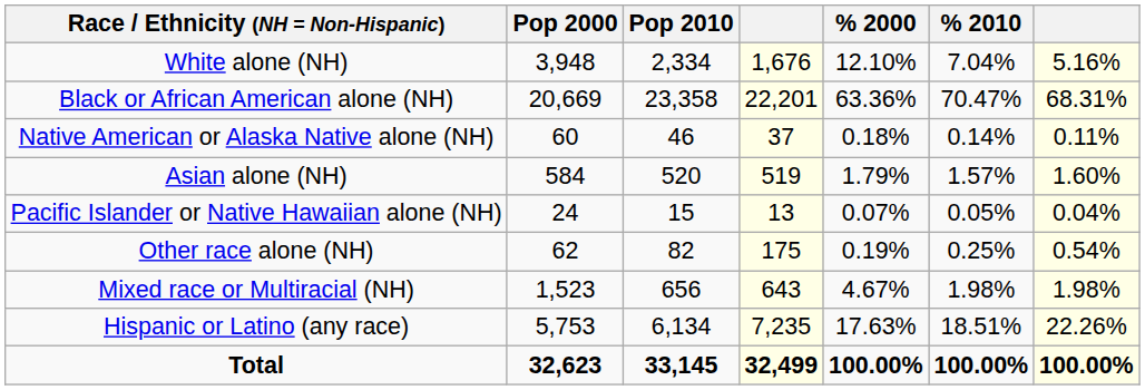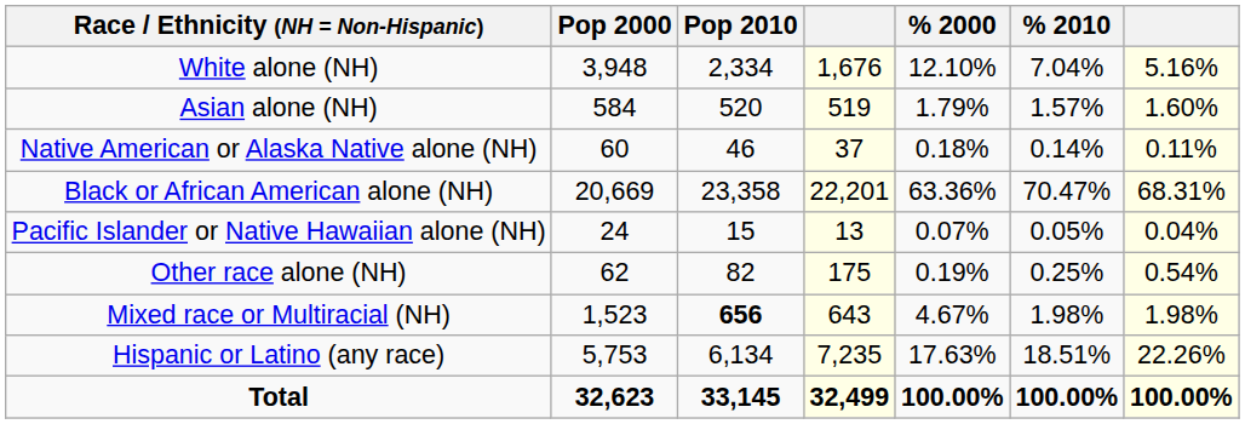 <table class="wikitable"  style="text-align:center;">
 <tr>
 <th>Race / Ethnicity <small>(<em>NH = Non-Hispanic</em>)</small></th>
 <th>Pop 2000</th>
 <th>Pop 2010</th>
 <th></th>
 <th>% 2000</th>
 <th>% 2010</th>
 <th></th>
 </tr>
 <tr>
 <td><a href='#'>White</a> alone (NH)</td>
 <td>3,948</td>
 <td>2,334</td>
 <td style='background: #ffffe6;'>1,676</td>
 <td>12.10%</td>
 <td>7.04%</td>
 <td style='background: #ffffe6;'>5.16%</td>
 </tr>
 <tr>
-<td><a href='#'>Black or African American</a> alone (NH)</td>
-<td>20,669</td>
-<td>23,358</td>
-<td style='background: #ffffe6;'>22,201</td>
-<td>63.36%</td>
-<td>70.47%</td>
-<td style='background: #ffffe6;'>68.31%</td>
+<td><a href='#'>Asian</a> alone (NH)</td>
+<td>584</td>
+<td>520</td>
+<td style='background: #ffffe6;'>519</td>
+<td>1.79%</td>
+<td>1.57%</td>
+<td style='background: #ffffe6;'>1.60%</td>
 </tr>
 <tr>
 <td><a href='#'>Native American</a> or <a href='#'>Alaska Native</a> alone (NH)</td>
 <td>60</td>
 <td>46</td>
 <td style='background: #ffffe6;'>37</td>
 <td>0.18%</td>
 <td>0.14%</td>
 <td style='background: #ffffe6;'>0.11%</td>
 </tr>
 <tr>
-<td><a href='#'>Asian</a> alone (NH)</td>
-<td>584</td>
-<td>520</td>
-<td style='background: #ffffe6;'>519</td>
-<td>1.79%</td>
-<td>1.57%</td>
-<td style='background: #ffffe6;'>1.60%</td>
+<td><a href='#'>Black or African American</a> alone (NH)</td>
+<td>20,669</td>
+<td>23,358</td>
+<td style='background: #ffffe6;'>22,201</td>
+<td>63.36%</td>
+<td>70.47%</td>
+<td style='background: #ffffe6;'>68.31%</td>
 </tr>
 <tr>
 <td><a href='#'>Pacific Islander</a> or <a href='#'>Native Hawaiian</a> alone (NH)</td>
 <td>24</td>
 <td>15</td>
 <td style='background: #ffffe6;'>13</td>
 <td>0.07%</td>
 <td>0.05%</td>
 <td style='background: #ffffe6;'>0.04%</td>
 </tr>
 <tr>
 <td><a href='#'>Other race</a> alone (NH)</td>
 <td>62</td>
 <td>82</td>
 <td style='background: #ffffe6;'>175</td>
 <td>0.19%</td>
 <td>0.25%</td>
 <td style='background: #ffffe6;'>0.54%</td>
 </tr>
 <tr>
 <td><a href='#'>Mixed race or Multiracial</a> (NH)</td>
 <td>1,523</td>
-<td>656</td>
+<td><strong>656</strong></td>
 <td style='background: #ffffe6;'>643</td>
 <td>4.67%</td>
 <td>1.98%</td>
 <td style='background: #ffffe6;'>1.98%</td>
 </tr>
 <tr>
 <td><a href='#'>Hispanic or Latino</a> (any race)</td>
 <td>5,753</td>
 <td>6,134</td>
 <td style='background: #ffffe6;'>7,235</td>
 <td>17.63%</td>
 <td>18.51%</td>
 <td style='background: #ffffe6;'>22.26%</td>
 </tr>
 <tr>
 <td><strong>Total</strong></td>
 <td><strong>32,623</strong></td>
 <td><strong>33,145</strong></td>
 <td style='background: #ffffe6;'><strong>32,499</strong></td>
 <td><strong>100.00%</strong></td>
 <td><strong>100.00%</strong></td>
 <td style='background: #ffffe6;'><strong>100.00%</strong></td>
 </tr>
 </table>
